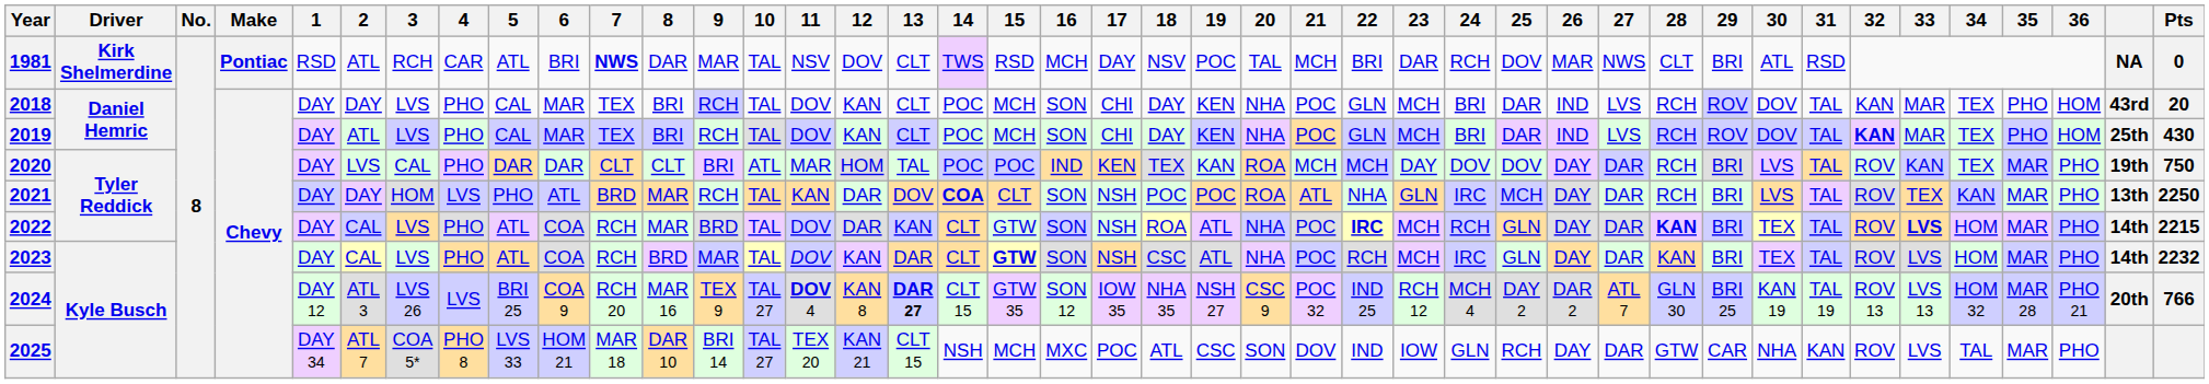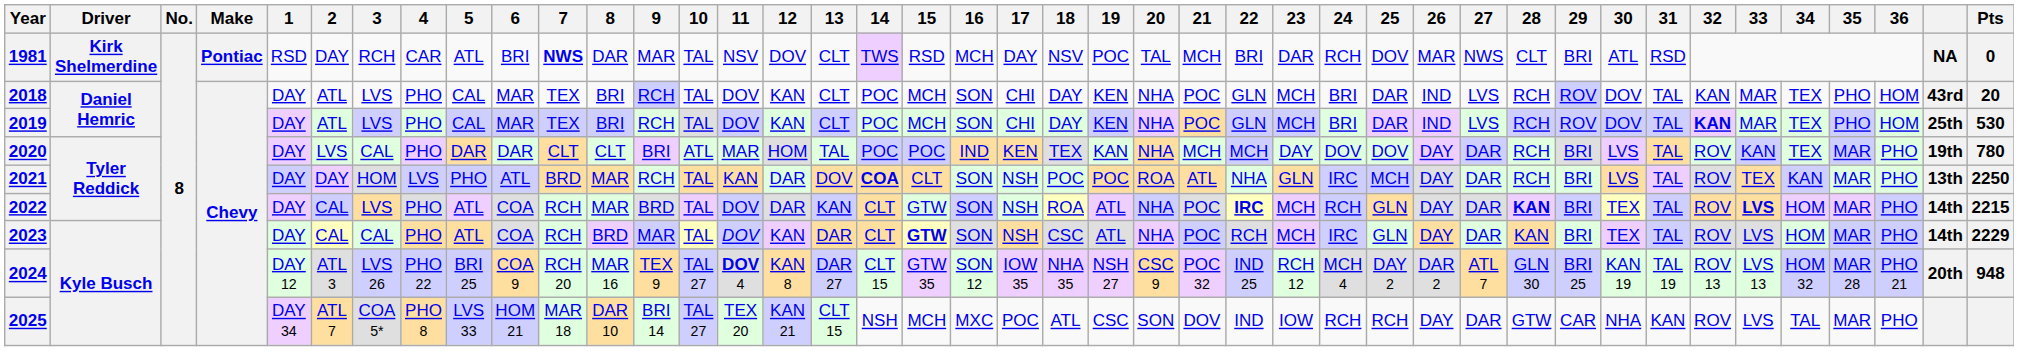 <table class="wikitable" style="text-align:center; font-size:75%">
 <tr>
 <th>Year</th>
 <th>Driver</th>
 <th>No.</th>
 <th>Make</th>
 <th>1</th>
 <th>2</th>
 <th>3</th>
 <th>4</th>
 <th>5</th>
 <th>6</th>
 <th>7</th>
 <th>8</th>
 <th>9</th>
 <th>10</th>
 <th>11</th>
 <th>12</th>
 <th>13</th>
 <th>14</th>
 <th>15</th>
 <th>16</th>
 <th>17</th>
 <th>18</th>
 <th>19</th>
 <th>20</th>
 <th>21</th>
 <th>22</th>
 <th>23</th>
 <th>24</th>
 <th>25</th>
 <th>26</th>
 <th>27</th>
 <th>28</th>
 <th>29</th>
 <th>30</th>
 <th>31</th>
 <th>32</th>
 <th>33</th>
 <th>34</th>
 <th>35</th>
 <th>36</th>
 <th></th>
 <th>Pts</th>
 </tr>
 <tr>
 <th><a href='#'>1981</a></th>
 <th><a href='#'>Kirk Shelmerdine</a></th>
 <th rowspan="9">8</th>
 <th><a href='#'>Pontiac</a></th>
 <td><a href='#'>RSD</a></td>
-<td><a href='#'>ATL</a></td>
+<td><a href='#'>DAY</a></td>
 <td><a href='#'>RCH</a></td>
 <td><a href='#'>CAR</a></td>
 <td><a href='#'>ATL</a></td>
 <td><a href='#'>BRI</a></td>
 <td><strong><a href='#'>NWS</a></strong></td>
 <td><a href='#'>DAR</a></td>
 <td><a href='#'>MAR</a></td>
 <td><a href='#'>TAL</a></td>
 <td><a href='#'>NSV</a></td>
 <td><a href='#'>DOV</a></td>
 <td><a href='#'>CLT</a></td>
 <td style="background:#EFCFFF;"><a href='#'>TWS</a><br></td>
 <td><a href='#'>RSD</a></td>
 <td><a href='#'>MCH</a></td>
 <td><a href='#'>DAY</a></td>
 <td><a href='#'>NSV</a></td>
 <td><a href='#'>POC</a></td>
 <td><a href='#'>TAL</a></td>
 <td><a href='#'>MCH</a></td>
 <td><a href='#'>BRI</a></td>
 <td><a href='#'>DAR</a></td>
 <td><a href='#'>RCH</a></td>
 <td><a href='#'>DOV</a></td>
 <td><a href='#'>MAR</a></td>
 <td><a href='#'>NWS</a></td>
 <td><a href='#'>CLT</a></td>
 <td><a href='#'>BRI</a></td>
 <td><a href='#'>ATL</a></td>
 <td><a href='#'>RSD</a></td>
 <td colspan=5></td>
 <th>NA</th>
 <th>0</th>
 </tr>
 <tr>
 <th><a href='#'>2018</a></th>
 <th rowspan=2><a href='#'>Daniel Hemric</a></th>
 <th rowspan="8"><a href='#'>Chevy</a></th>
 <td><a href='#'>DAY</a></td>
-<td><a href='#'>DAY</a></td>
+<td><a href='#'>ATL</a></td>
 <td><a href='#'>LVS</a></td>
 <td><a href='#'>PHO</a></td>
 <td><a href='#'>CAL</a></td>
 <td><a href='#'>MAR</a></td>
 <td><a href='#'>TEX</a></td>
 <td><a href='#'>BRI</a></td>
 <td style="background:#CFCFFF;"><a href='#'>RCH</a><br></td>
 <td><a href='#'>TAL</a></td>
 <td><a href='#'>DOV</a></td>
 <td><a href='#'>KAN</a></td>
 <td><a href='#'>CLT</a></td>
 <td><a href='#'>POC</a></td>
 <td><a href='#'>MCH</a></td>
 <td><a href='#'>SON</a></td>
 <td><a href='#'>CHI</a></td>
 <td><a href='#'>DAY</a></td>
 <td><a href='#'>KEN</a></td>
 <td><a href='#'>NHA</a></td>
 <td><a href='#'>POC</a></td>
 <td><a href='#'>GLN</a></td>
 <td><a href='#'>MCH</a></td>
 <td><a href='#'>BRI</a></td>
 <td><a href='#'>DAR</a></td>
 <td><a href='#'>IND</a></td>
 <td><a href='#'>LVS</a></td>
 <td><a href='#'>RCH</a></td>
 <td style="background:#CFCFFF;"><a href='#'>ROV</a><br></td>
 <td><a href='#'>DOV</a></td>
 <td><a href='#'>TAL</a></td>
 <td><a href='#'>KAN</a></td>
 <td><a href='#'>MAR</a></td>
 <td><a href='#'>TEX</a></td>
 <td><a href='#'>PHO</a></td>
 <td><a href='#'>HOM</a></td>
 <th>43rd</th>
 <th>20</th>
 </tr>
 <tr>
 <th><a href='#'>2019</a></th>
 <td style="background:#EFCFFF;"><a href='#'>DAY</a><br></td>
 <td style="background:#DFFFDF;"><a href='#'>ATL</a><br></td>
 <td style="background:#CFCFFF;"><a href='#'>LVS</a><br></td>
 <td style="background:#DFFFDF;"><a href='#'>PHO</a><br></td>
 <td style="background:#CFCFFF;"><a href='#'>CAL</a><br></td>
 <td style="background:#CFCFFF;"><a href='#'>MAR</a><br></td>
 <td style="background:#CFCFFF;"><a href='#'>TEX</a><br></td>
 <td style="background:#CFCFFF;"><a href='#'>BRI</a><br></td>
 <td style="background:#DFFFDF;"><a href='#'>RCH</a><br></td>
 <td style="background:#DFDFDF;"><a href='#'>TAL</a><br></td>
 <td style="background:#CFCFFF;"><a href='#'>DOV</a><br></td>
 <td style="background:#DFFFDF;"><a href='#'>KAN</a><br></td>
 <td style="background:#CFCFFF;"><a href='#'>CLT</a><br></td>
 <td style="background:#DFFFDF;"><a href='#'>POC</a><br></td>
 <td style="background:#DFFFDF;"><a href='#'>MCH</a><br></td>
 <td style="background:#DFFFDF;"><a href='#'>SON</a><br></td>
 <td style="background:#DFFFDF;"><a href='#'>CHI</a><br></td>
 <td style="background:#DFFFDF;"><a href='#'>DAY</a><br></td>
 <td style="background:#CFCFFF;"><a href='#'>KEN</a><br></td>
 <td style="background:#EFCFFF;"><a href='#'>NHA</a><br></td>
 <td style="background:#FFDF9F;"><a href='#'>POC</a><br></td>
 <td style="background:#CFCFFF;"><a href='#'>GLN</a><br></td>
 <td style="background:#CFCFFF;"><a href='#'>MCH</a><br></td>
 <td style="background:#DFFFDF;"><a href='#'>BRI</a><br></td>
 <td style="background:#EFCFFF;"><a href='#'>DAR</a><br></td>
 <td style="background:#EFCFFF;"><a href='#'>IND</a><br></td>
 <td style="background:#DFFFDF;"><a href='#'>LVS</a><br></td>
 <td style="background:#CFCFFF;"><a href='#'>RCH</a><br></td>
 <td style="background:#CFCFFF;"><a href='#'>ROV</a><br></td>
 <td style="background:#CFCFFF;"><a href='#'>DOV</a><br></td>
 <td style="background:#CFCFFF;"><a href='#'>TAL</a><br></td>
 <td style="background:#EFCFFF;"><strong><a href='#'>KAN</a></strong><br></td>
 <td style="background:#DFFFDF;"><a href='#'>MAR</a><br></td>
 <td style="background:#DFFFDF;"><a href='#'>TEX</a><br></td>
 <td style="background:#CFCFFF;"><a href='#'>PHO</a><br></td>
 <td style="background:#DFFFDF;"><a href='#'>HOM</a><br></td>
 <th>25th</th>
-<th>430</th>
+<th>530</th>
 </tr>
 <tr>
 <th><a href='#'>2020</a></th>
 <th rowspan=3><a href='#'>Tyler Reddick</a></th>
 <td style="background:#EFCFFF;"><a href='#'>DAY</a><br></td>
 <td style="background:#DFFFDF;"><a href='#'>LVS</a><br></td>
 <td style="background:#DFFFDF;"><a href='#'>CAL</a><br></td>
 <td style="background:#EFCFFF;"><a href='#'>PHO</a><br></td>
 <td style="background:#FFDF9F;"><a href='#'>DAR</a><br></td>
 <td style="background:#DFFFDF;"><a href='#'>DAR</a><br></td>
 <td style="background:#FFDF9F;"><a href='#'>CLT</a><br></td>
 <td style="background:#DFFFDF;"><a href='#'>CLT</a><br></td>
 <td style="background:#EFCFFF;"><a href='#'>BRI</a><br></td>
 <td style="background:#DFFFDF;"><a href='#'>ATL</a><br></td>
 <td style="background:#DFFFDF;"><a href='#'>MAR</a><br></td>
 <td style="background:#DFDFDF;"><a href='#'>HOM</a><br></td>
 <td style="background:#DFFFDF;"><a href='#'>TAL</a><br></td>
 <td style="background:#CFCFFF;"><a href='#'>POC</a><br></td>
 <td style="background:#CFCFFF;"><a href='#'>POC</a><br></td>
 <td style="background:#FFDF9F;"><a href='#'>IND</a><br></td>
 <td style="background:#FFDF9F;"><a href='#'>KEN</a><br></td>
 <td style="background:#DFDFDF;"><a href='#'>TEX</a><br></td>
 <td style="background:#DFFFDF;"><a href='#'>KAN</a><br></td>
-<td style="background:#FFDF9F;"><a href='#'>ROA</a><br></td>
+<td style="background:#FFDF9F;"><a href='#'>NHA</a><br></td>
 <td style="background:#DFFFDF;"><a href='#'>MCH</a><br></td>
 <td style="background:#CFCFFF;"><a href='#'>MCH</a><br></td>
 <td style="background:#DFFFDF;"><a href='#'>DAY</a><br></td>
 <td style="background:#DFFFDF;"><a href='#'>DOV</a><br></td>
 <td style="background:#DFFFDF;"><a href='#'>DOV</a><br></td>
 <td style="background:#EFCFFF;"><a href='#'>DAY</a><br></td>
 <td style="background:#CFCFFF;"><a href='#'>DAR</a><br></td>
 <td style="background:#DFFFDF;"><a href='#'>RCH</a><br></td>
 <td style="background:#DFDFDF;"><a href='#'>BRI</a><br></td>
 <td style="background:#EFCFFF;"><a href='#'>LVS</a><br></td>
 <td style="background:#FFDF9F;"><a href='#'>TAL</a><br></td>
 <td style="background:#DFFFDF;"><a href='#'>ROV</a><br></td>
 <td style="background:#CFCFFF;"><a href='#'>KAN</a><br></td>
 <td style="background:#DFFFDF;"><a href='#'>TEX</a><br></td>
 <td style="background:#CFCFFF;"><a href='#'>MAR</a><br></td>
 <td style="background:#DFFFDF;"><a href='#'>PHO</a><br></td>
 <th>19th</th>
-<th>750</th>
+<th>780</th>
 </tr>
 <tr>
 <th><a href='#'>2021</a></th>
 <td style="background:#CFCFFF;"><a href='#'>DAY</a><br></td>
 <td style="background:#EFCFFF;"><a href='#'>DAY</a><br></td>
 <td style="background:#DFDFDF;"><a href='#'>HOM</a><br></td>
 <td style="background:#CFCFFF;"><a href='#'>LVS</a><br></td>
 <td style="background:#CFCFFF;"><a href='#'>PHO</a><br></td>
 <td style="background:#CFCFFF;"><a href='#'>ATL</a><br></td>
 <td style="background:#FFDF9F;"><a href='#'>BRD</a><br></td>
 <td style="background:#FFDF9F;"><a href='#'>MAR</a><br></td>
 <td style="background:#DFFFDF;"><a href='#'>RCH</a><br></td>
 <td style="background:#FFDF9F;"><a href='#'>TAL</a><br></td>
 <td style="background:#FFDF9F;"><a href='#'>KAN</a><br></td>
 <td style="background:#DFFFDF;"><a href='#'>DAR</a><br></td>
 <td style="background:#FFDF9F;"><a href='#'>DOV</a><br></td>
 <td style="background:#FFDF9F;"><strong><a href='#'>COA</a></strong><br></td>
 <td style="background:#FFDF9F;"><a href='#'>CLT</a><br></td>
 <td style="background:#DFFFDF;"><a href='#'>SON</a><br></td>
 <td style="background:#DFFFDF;"><a href='#'>NSH</a><br></td>
 <td style="background:#DFFFDF;"><a href='#'>POC</a><br></td>
 <td style="background:#FFDF9F;"><a href='#'>POC</a><br></td>
 <td style="background:#FFDF9F;"><a href='#'>ROA</a><br></td>
 <td style="background:#FFDF9F;"><a href='#'>ATL</a><br></td>
 <td style="background:#DFFFDF;"><a href='#'>NHA</a><br></td>
 <td style="background:#FFDF9F;"><a href='#'>GLN</a><br></td>
 <td style="background:#CFCFFF;"><a href='#'>IRC</a><br></td>
 <td style="background:#CFCFFF;"><a href='#'>MCH</a><br></td>
 <td style="background:#DFDFDF;"><a href='#'>DAY</a><br></td>
 <td style="background:#DFFFDF;"><a href='#'>DAR</a><br></td>
 <td style="background:#DFFFDF;"><a href='#'>RCH</a><br></td>
 <td style="background:#DFFFDF;"><a href='#'>BRI</a><br></td>
 <td style="background:#FFDF9F;"><a href='#'>LVS</a><br></td>
 <td style="background:#EFCFFF;"><a href='#'>TAL</a><br></td>
 <td style="background:#DFDFDF;"><a href='#'>ROV</a><br></td>
 <td style="background:#FFDF9F;"><a href='#'>TEX</a><br></td>
 <td style="background:#CFCFFF;"><a href='#'>KAN</a><br></td>
 <td style="background:#DFFFDF;"><a href='#'>MAR</a><br></td>
 <td style="background:#DFFFDF;"><a href='#'>PHO</a><br></td>
 <th>13th</th>
 <th>2250</th>
 </tr>
 <tr>
 <th><a href='#'>2022</a></th>
 <td style="background:#EFCFFF;"><a href='#'>DAY</a><br></td>
 <td style="background:#CFCFFF;"><a href='#'>CAL</a><br></td>
 <td style="background:#FFDF9F;"><a href='#'>LVS</a><br></td>
 <td style="background:#DFDFDF;"><a href='#'>PHO</a><br></td>
 <td style="background:#EFCFFF;"><a href='#'>ATL</a><br></td>
 <td style="background:#DFDFDF;"><a href='#'>COA</a><br></td>
 <td style="background:#DFFFDF;"><a href='#'>RCH</a><br></td>
 <td style="background:#DFFFDF;"><a href='#'>MAR</a><br></td>
 <td style="background:#DFDFDF;"><a href='#'>BRD</a><br></td>
 <td style="background:#EFCFFF;"><a href='#'>TAL</a><br></td>
 <td style="background:#CFCFFF;"><a href='#'>DOV</a><br></td>
 <td style="background:#DFDFDF;"><a href='#'>DAR</a><br></td>
 <td style="background:#CFCFFF;"><a href='#'>KAN</a><br></td>
 <td style="background:#FFDF9F;"><a href='#'>CLT</a><br></td>
 <td style="background:#DFFFDF;"><a href='#'>GTW</a><br></td>
 <td style="background:#CFCFFF;"><a href='#'>SON</a><br></td>
 <td style="background:#DFFFDF;"><a href='#'>NSH</a><br></td>
 <td style="background:#FFFFBF;"><a href='#'>ROA</a><br></td>
 <td style="background:#EFCFFF;"><a href='#'>ATL</a><br></td>
 <td style="background:#CFCFFF;"><a href='#'>NHA</a><br></td>
 <td style="background:#DFDFDF;"><a href='#'>POC</a><br></td>
 <td style="background:#FFFFBF;"><strong><a href='#'>IRC</a></strong><br></td>
 <td style="background:#EFCFFF;"><a href='#'>MCH</a><br></td>
 <td style="background:#CFCFFF;"><a href='#'>RCH</a><br></td>
 <td style="background:#FFDF9F;"><a href='#'>GLN</a><br></td>
 <td style="background:#DFDFDF;"><a href='#'>DAY</a><br></td>
 <td style="background:#DFDFDF;"><a href='#'>DAR</a><br> </td>
 <td style="background:#EFCFFF;"><strong><a href='#'>KAN</a></strong><br></td>
 <td style="background:#CFCFFF;"><a href='#'>BRI</a><br></td>
 <td style="background:#FFFFBF;"><a href='#'>TEX</a><br></td>
 <td style="background:#CFCFFF;"><a href='#'>TAL</a><br></td>
 <td style="background:#FFDF9F;"><a href='#'>ROV</a> <br></td>
 <td style="background:#FFDF9F;"><strong><a href='#'>LVS</a></strong><br></td>
 <td style="background:#EFCFFF;"><a href='#'>HOM</a><br></td>
 <td style="background:#EFCFFF;"><a href='#'>MAR</a><br></td>
 <td style="background:#CFCFFF;”"><a href='#'>PHO</a><br></td>
 <th>14th</th>
 <th>2215</th>
 </tr>
 <tr>
 <th><a href='#'>2023</a></th>
 <th rowspan="3"><a href='#'>Kyle Busch</a></th>
 <td style="background:#DFFFDF;"><a href='#'>DAY</a><br></td>
 <td style="background:#FFFFBF;"><a href='#'>CAL</a><br></td>
-<td style="background:#DFFFDF;"><a href='#'>LVS</a><br></td>
+<td style="background:#DFFFDF;"><a href='#'>CAL</a><br></td>
 <td style="background:#FFDF9F;"><a href='#'>PHO</a><br></td>
 <td style="background:#FFDF9F;"><a href='#'>ATL</a><br></td>
 <td style="background:#DFDFDF;"><a href='#'>COA</a><br></td>
 <td style="background:#DFFFDF;"><a href='#'>RCH</a><br></td>
 <td style="background:#EFCFFF;"><a href='#'>BRD</a><br></td>
 <td style="background:#CFCFFF;"><a href='#'>MAR</a><br></td>
 <td style="background:#FFFFBF;"><a href='#'>TAL</a><br></td>
 <td style="background:#CFCFFF;"><em><a href='#'>DOV</a></em><br></td>
 <td style="background:#EFCFFF;"><a href='#'>KAN</a><br></td>
 <td style="background:#FFDF9F;"><a href='#'>DAR</a><br></td>
 <td style="background:#FFDF9F;"><a href='#'>CLT</a><br></td>
 <td style="background:#FFFFBF;"><strong><a href='#'>GTW</a></strong><br></td>
 <td style="background:#DFDFDF;"><a href='#'>SON</a><br></td>
 <td style="background:#FFDF9F;"><a href='#'>NSH</a><br></td>
 <td style="background:#DFDFDF;"><a href='#'>CSC</a><br></td>
 <td style="background:#DFDFDF;"><a href='#'>ATL</a><br></td>
 <td style="background:#EFCFFF;"><a href='#'>NHA</a><br></td>
 <td style="background:#CFCFFF;"><a href='#'>POC</a><br></td>
 <td style="background:#DFDFDF;"><a href='#'>RCH</a><br></td>
 <td style="background:#EFCFFF;"><a href='#'>MCH</a><br></td>
 <td style="background:#CFCFFF;"><a href='#'>IRC</a><br></td>
 <td style="background:#DFFFDF;"><a href='#'>GLN</a><br></td>
 <td style="background:#FFDF9F;"><a href='#'>DAY</a><br></td>
 <td style="background:#DFFFDF;"><a href='#'>DAR</a><br></td>
 <td style="background:#FFDF9F;"><a href='#'>KAN</a><br></td>
 <td style="background:#DFFFDF;"><a href='#'>BRI</a><br></td>
 <td style="background:#EFCFFF;"><a href='#'>TEX</a><br></td>
 <td style="background:#CFCFFF;"><a href='#'>TAL</a><br></td>
 <td style="background:#DFDFDF;"><a href='#'>ROV</a><br></td>
 <td style="background:#DFDFDF;"><a href='#'>LVS</a><br></td>
 <td style="background:#DFFFDF;"><a href='#'>HOM</a><br></td>
 <td style="background:#CFCFFF;"><a href='#'>MAR</a><br></td>
 <td style="background:#CFCFFF;"><a href='#'>PHO</a><br></td>
 <th>14th</th>
-<th>2232</th>
+<th>2229</th>
 </tr>
 <tr>
 <th><a href='#'>2024</a></th>
 <td style="background:#DFFFDF;"><a href='#'>DAY</a><br><small>12</small></td>
 <td style="background:#DFDFDF;"><a href='#'>ATL</a><br><small>3</small></td>
 <td style="background:#CFCFFF;"><a href='#'>LVS</a><br><small>26</small></td>
-<td style="background:#CFCFFF;"><a href='#'>LVS</a><br></td>
+<td style="background:#CFCFFF;"><a href='#'>PHO</a><br><small>22</small></td>
 <td style="background:#CFCFFF;"><a href='#'>BRI</a><br><small>25</small></td>
 <td style="background:#FFDF9F;"><a href='#'>COA</a><br><small>9</small></td>
 <td style="background:#DFFFDF;"><a href='#'>RCH</a><br><small>20</small></td>
 <td style="background:#DFFFDF;"><a href='#'>MAR</a><br><small>16</small></td>
 <td style="background:#FFDF9F;"><a href='#'>TEX</a><br><small>9</small></td>
 <td style="background:#CFCFFF;"><a href='#'>TAL</a><br><small>27</small></td>
 <td style="background:#DFDFDF;"><strong><a href='#'>DOV</a></strong><br><small>4</small></td>
 <td style="background:#FFDF9F;"><a href='#'>KAN</a><br><small>8</small></td>
-<td style="background:#CFCFFF;"><strong><a href='#'>DAR</a><br><small>27</small></strong></td>
+<td style="background:#CFCFFF;"><a href='#'>DAR</a><br><small>27</small></td>
 <td style="background:#DFFFDF;"><a href='#'>CLT</a><br><small>15</small></td>
 <td style="background:#EFCFFF;"><a href='#'>GTW</a><br><small>35</small></td>
 <td style="background:#DFFFDF;"><a href='#'>SON</a><br><small>12</small></td>
 <td style="background:#EFCFFF;"><a href='#'>IOW</a><br><small>35</small></td>
 <td style="background:#EFCFFF;"><a href='#'>NHA</a><br><small>35</small></td>
 <td style="background:#EFCFFF;"><a href='#'>NSH</a><br><small>27</small></td>
 <td style="background:#FFDF9F;"><a href='#'>CSC</a><br><small>9</small></td>
 <td style="background:#EFCFFF;"><a href='#'>POC</a><br><small>32</small></td>
 <td style="background:#CFCFFF;"><a href='#'>IND</a><br><small>25</small></td>
 <td style="background:#DFFFDF;"><a href='#'>RCH</a><br><small>12</small></td>
 <td style="background:#DFDFDF;"><a href='#'>MCH</a><br><small>4</small></td>
 <td style="background:#DFDFDF;"><a href='#'>DAY</a><br><small>2</small></td>
 <td style="background:#DFDFDF;"><a href='#'>DAR</a><br><small>2</small></td>
 <td style="background:#FFDF9F;"><a href='#'>ATL</a><br><small>7</small></td>
 <td style="background:#CFCFFF;"><a href='#'>GLN</a><br><small>30</small></td>
 <td style="background:#CFCFFF;"><a href='#'>BRI</a><br><small>25</small></td>
 <td style="background:#DFFFDF;"><a href='#'>KAN</a><br><small>19</small></td>
 <td style="background:#DFFFDF;"><a href='#'>TAL</a><br><small>19</small></td>
 <td style="background:#DFFFDF;"><a href='#'>ROV</a><br><small>13</small></td>
 <td style="background:#DFFFDF;"><a href='#'>LVS</a><br><small>13</small></td>
 <td style="background:#CFCFFF;"><a href='#'>HOM</a><br><small>32</small></td>
 <td style="background:#CFCFFF;"><a href='#'>MAR</a><br><small>28</small></td>
 <td style="background:#CFCFFF;"><a href='#'>PHO</a><br><small>21</small></td>
 <th>20th</th>
-<th>766</th>
+<th>948</th>
 </tr>
 <tr>
 <th><a href='#'>2025</a></th>
 <td style="background:#EFCFFF;"><a href='#'>DAY</a><br><small>34</small></td>
 <td style="background:#FFDF9F;"><a href='#'>ATL</a><br><small>7</small></td>
 <td style="background:#DFDFDF;"><a href='#'>COA</a><br><small>5*</small></td>
 <td style="background:#FFDF9F;"><a href='#'>PHO</a><br><small>8</small></td>
 <td style="background:#CFCFFF;"><a href='#'>LVS</a><br><small>33</small></td>
 <td style="background:#CFCFFF;"><a href='#'>HOM</a><br><small>21</small></td>
 <td style="background:#DFFFDF;"><a href='#'>MAR</a><br><small>18</small></td>
 <td style="background:#FFDF9F;"><a href='#'>DAR</a><br><small>10</small></td>
 <td style="background:#DFFFDF;"><a href='#'>BRI</a><br><small>14</small></td>
 <td style="background:#CFCFFF;"><a href='#'>TAL</a><br><small>27</small></td>
 <td style="background:#DFFFDF;"><a href='#'>TEX</a><br><small>20</small></td>
 <td style="background:#CFCFFF;"><a href='#'>KAN</a><br><small>21</small></td>
 <td style="background:#DFFFDF;"><a href='#'>CLT</a><br><small>15</small></td>
 <td><a href='#'>NSH</a></td>
 <td><a href='#'>MCH</a></td>
 <td><a href='#'>MXC</a></td>
 <td><a href='#'>POC</a></td>
 <td><a href='#'>ATL</a></td>
 <td><a href='#'>CSC</a></td>
 <td><a href='#'>SON</a></td>
 <td><a href='#'>DOV</a></td>
 <td><a href='#'>IND</a></td>
 <td><a href='#'>IOW</a></td>
-<td><a href='#'>GLN</a></td>
+<td><a href='#'>RCH</a></td>
 <td><a href='#'>RCH</a></td>
 <td><a href='#'>DAY</a></td>
 <td><a href='#'>DAR</a></td>
 <td><a href='#'>GTW</a></td>
 <td><a href='#'>CAR</a></td>
 <td><a href='#'>NHA</a></td>
 <td><a href='#'>KAN</a></td>
 <td><a href='#'>ROV</a></td>
 <td><a href='#'>LVS</a></td>
 <td><a href='#'>TAL</a></td>
 <td><a href='#'>MAR</a></td>
 <td><a href='#'>PHO</a></td>
 <th></th>
 <th></th>
 </tr>
 </table>
